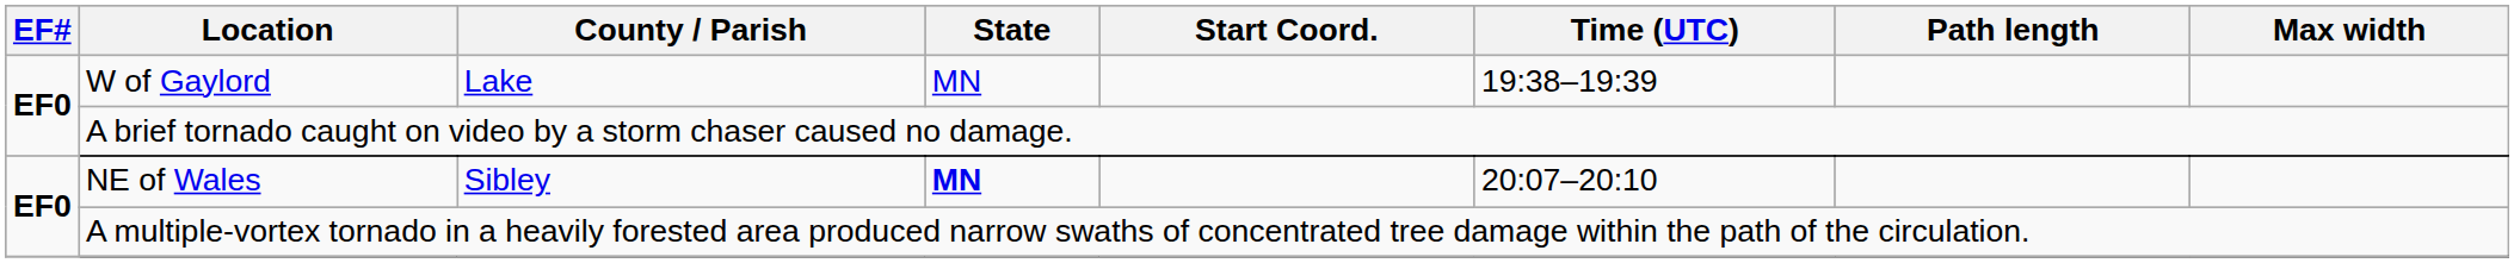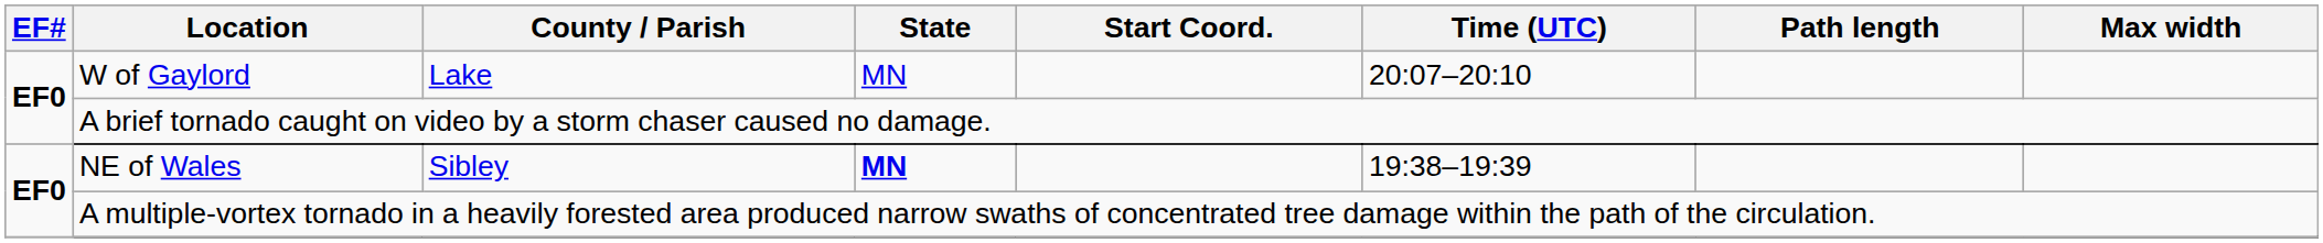 <table class="wikitable sortable" style="width:100%;">
 <tr>
 <th scope="col" width="2%" align="center"><a href='#'>EF#</a></th>
 <th scope="col" align="center" class="unsortable">Location</th>
 <th scope="col" align="center" class="unsortable">County / Parish</th>
 <th scope="col" align="center">State</th>
 <th scope="col" align="center" data-sort-type="number">Start Coord.</th>
 <th scope="col" align="center" data-sort-type="number">Time (<a href='#'>UTC</a>)</th>
 <th scope="col" align="center" data-sort-type="number">Path length</th>
 <th scope="col" align="center" data-sort-type="number">Max width</th>
 </tr>
 <tr>
 <td rowspan="2" align="center"><strong>EF0</strong></td>
 <td>W of <a href='#'>Gaylord</a></td>
 <td><a href='#'>Lake</a></td>
 <td><a href='#'>MN</a></td>
 <td></td>
-<td>19:38–19:39</td>
+<td>20:07–20:10</td>
 <td></td>
 <td></td>
 </tr>
 <tr class="expand-child">
 <td colspan="8" style=" border-bottom: 1px solid black;">A brief tornado caught on video by a storm chaser caused no damage.</td>
 </tr>
 <tr>
 <td rowspan="2" align="center"><strong>EF0</strong></td>
 <td>NE of <a href='#'>Wales</a></td>
 <td><a href='#'>Sibley</a></td>
 <td><strong><a href='#'>MN</a></strong></td>
 <td></td>
-<td>20:07–20:10</td>
+<td>19:38–19:39</td>
 <td></td>
 <td></td>
 </tr>
 <tr class="expand-child">
 <td colspan="8" style=" border-bottom: 1px solid black;">A multiple-vortex tornado in a heavily forested area produced narrow swaths of concentrated tree damage within the path of the circulation.</td>
 </tr>
 <tr>
 </tr>
 </table>
